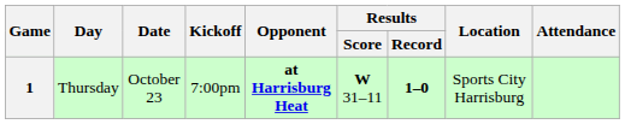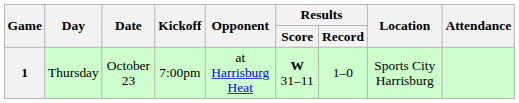 <table class="wikitable">
 <tr>
 <th rowspan="2" width="40">Game</th>
 <th rowspan="2" width="60">Day</th>
 <th rowspan="2" width="110">Date</th>
 <th rowspan="2" width="60">Kickoff</th>
 <th rowspan="2" width="180">Opponent</th>
 <th colspan="2" width="180">Results</th>
 <th rowspan="2" width="250">Location</th>
 <th rowspan="2" width="80">Attendance</th>
 </tr>
 <tr>
 <th width="120">Score</th>
 <th width="60">Record</th>
 </tr>
 <tr align="center" bgcolor="#CCFFCC">
 <th>1</th>
 <td>Thursday</td>
 <td>October 23</td>
 <td>7:00pm</td>
-<td><strong>at <a href='#'>Harrisburg Heat</a></strong></td>
+<td>at <a href='#'>Harrisburg Heat</a></td>
 <td><strong>W</strong> 31–11</td>
-<td><strong>1–0</strong></td>
+<td>1–0</td>
 <td>Sports City Harrisburg</td>
 <td></td>
 </tr>
 </table>
